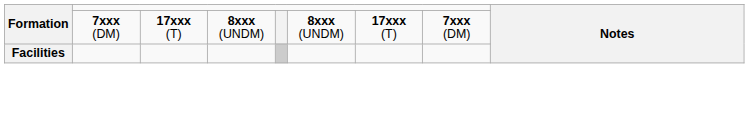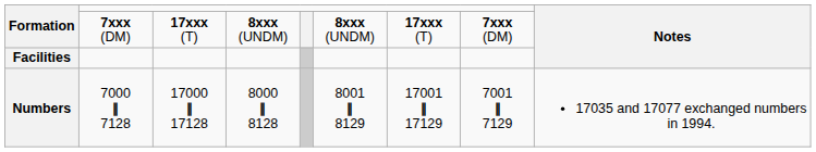 <table class="wikitable" style="text-align:center; font-size:90%;">
 <tr style="border-top:solid 4px #">
 <th style="width:5em" rowspan="2">Formation</th>
 <td colspan="7"></td>
 <th style="width:20em" rowspan="3">Notes</th>
 </tr>
 <tr>
 <td style="width:5em"><strong>7xxx</strong><br>(DM)</td>
 <td style="width:5em"><strong>17xxx</strong><br>(T)</td>
 <td style="width:5em"><strong>8xxx</strong><br>(UNDM)</td>
 <th style="width:0.5em" style="background-color:#ccc;"></th>
 <td style="width:5em"><strong>8xxx</strong><br>(UNDM)</td>
 <td style="width:5em"><strong>17xxx</strong><br>(T)</td>
 <td style="width:5em"><strong>7xxx</strong><br>(DM)</td>
 </tr>
 <tr>
 <th>Facilities</th>
 <td style="width:5em"></td>
 <td style="width:5em"></td>
 <td style="width:5em"></td>
 <th style="background-color:#ccc;"></th>
 <td style="width:5em"></td>
 <td style="width:5em"></td>
 <td style="width:5em"></td>
 </tr>
+<tr style="border-top:solid 4px #">
+<th>Numbers</th>
+<td>7000<br><strong>∥</strong><br>7128</td>
+<td>17000<br><strong>∥</strong><br>17128</td>
+<td>8000<br><strong>∥</strong><br>8128</td>
+<th style="background-color:#ccc;"></th>
+<td>8001<br><strong>∥</strong><br>8129</td>
+<td>17001<br><strong>∥</strong><br>17129</td>
+<td>7001<br><strong>∥</strong><br>7129</td>
+<td><br><ul><li>17035 and 17077 exchanged numbers in 1994.</li></ul></td>
+</tr>
 </table>
